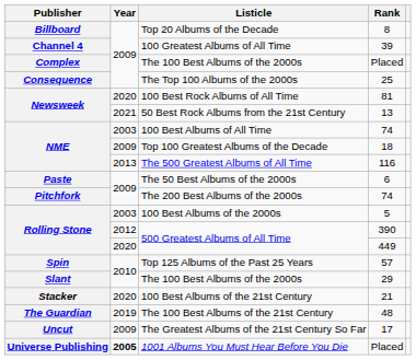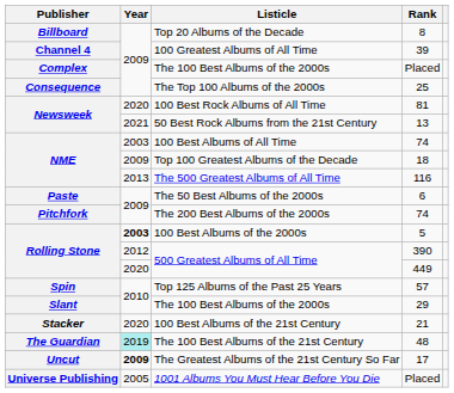 <table class="wikitable plainrowheaders sortable" style="text-align:center">
 <tr>
 <th scope="col">Publisher</th>
 <th scope="col">Year</th>
 <th scope="col">Listicle</th>
 <th scope="col">Rank</th>
 <th class="unsortable"></th>
 </tr>
 <tr>
 <th scope="row"><a href='#'><em>Billboard</em></a></th>
 <td rowspan="4">2009</td>
 <td style="text-align: left;">Top 20 Albums of the Decade</td>
 <td>8</td>
 <td style="text-align:center;"></td>
 </tr>
 <tr>
 <th scope="row"><a href='#'>Channel 4</a></th>
 <td style="text-align: left;">100 Greatest Albums of All Time</td>
 <td>39</td>
 <td style="text-align:center;"></td>
 </tr>
 <tr>
 <th scope="row"><a href='#'><em>Complex</em></a></th>
 <td style="text-align: left;">The 100 Best Albums of the 2000s</td>
 <td>Placed</td>
 <td style="text-align:center;"></td>
 </tr>
 <tr>
 <th scope="row"><a href='#'><em>Consequence</em></a></th>
 <td style="text-align: left;">The Top 100 Albums of the 2000s</td>
 <td>25</td>
 <td style="text-align:center;"></td>
 </tr>
 <tr>
 <th rowspan="2" ! scope="row"><em><a href='#'>Newsweek</a></em></th>
 <td>2020</td>
 <td style="text-align: left;">100 Best Rock Albums of All Time</td>
 <td>81</td>
 <td style="text-align:center;"></td>
 </tr>
 <tr>
 <td>2021</td>
 <td style="text-align: left;">50 Best Rock Albums from the 21st Century</td>
 <td>13</td>
 <td style="text-align:center;"></td>
 </tr>
 <tr>
 <th rowspan="3" ! scope="row"><em><a href='#'>NME</a></em></th>
 <td>2003</td>
 <td style="text-align: left;">100 Best Albums of All Time</td>
 <td>74</td>
 <td style="text-align:center;"></td>
 </tr>
 <tr>
 <td>2009</td>
 <td style="text-align: left;">Top 100 Greatest Albums of the Decade</td>
 <td>18</td>
 <td style="text-align:center;"></td>
 </tr>
 <tr>
 <td>2013</td>
 <td style="text-align: left;"><a href='#'>The 500 Greatest Albums of All Time</a></td>
 <td>116</td>
 <td style="text-align:center;"></td>
 </tr>
 <tr>
 <th scope="row"><a href='#'><em>Paste</em></a></th>
 <td rowspan="2">2009</td>
 <td style="text-align: left;">The 50 Best Albums of the 2000s</td>
 <td>6</td>
 <td style="text-align:center;"></td>
 </tr>
 <tr>
 <th scope="row"><a href='#'><em>Pitchfork</em></a></th>
 <td style="text-align: left;">The 200 Best Albums of the 2000s</td>
 <td>74</td>
 <td style="text-align:center;"></td>
 </tr>
 <tr>
 <th rowspan="3" scope="row"><em><a href='#'>Rolling Stone</a></em></th>
-<td>2003</td>
+<td><strong>2003</strong></td>
 <td style="text-align: left;">100 Best Albums of the 2000s</td>
 <td>5</td>
 <td style="text-align:center;"></td>
 </tr>
 <tr>
 <td>2012</td>
 <td rowspan="2" style="text-align: left;"><a href='#'>500 Greatest Albums of All Time</a></td>
 <td>390</td>
 <td style="text-align:center;"></td>
 </tr>
 <tr>
 <td>2020</td>
 <td>449</td>
 <td style="text-align:center;"></td>
 </tr>
 <tr>
 <th scope="row"><a href='#'><em>Spin</em></a></th>
 <td rowspan="2">2010</td>
 <td style="text-align: left;">Top 125 Albums of the Past 25 Years</td>
 <td>57</td>
 <td style="text-align:center;"></td>
 </tr>
 <tr>
 <th scope="row"><a href='#'><em>Slant</em></a></th>
 <td style="text-align: left;">The 100 Best Albums of the 2000s</td>
 <td>29</td>
 <td style="text-align:center;"></td>
 </tr>
 <tr>
 <th scope="row"><em>Stacker</em></th>
 <td>2020</td>
 <td style="text-align: left;">100 Best Albums of the 21st Century</td>
 <td>21</td>
 <td style="text-align:center;"></td>
 </tr>
 <tr>
 <th scope="row"><em><a href='#'>The Guardian</a></em></th>
-<td>2019</td>
+<td style="background: paleturquoise;">2019</td>
 <td style="text-align: left;">The 100 Best Albums of the 21st Century</td>
 <td>48</td>
 <td style="text-align:center;"></td>
 </tr>
 <tr>
 <th scope="row"><a href='#'><em>Uncut</em></a></th>
-<td>2009</td>
+<td><strong>2009</strong></td>
 <td style="text-align: left;">The Greatest Albums of the 21st Century So Far</td>
 <td>17</td>
 <td style="text-align:center;"></td>
 </tr>
 <tr>
 <th scope="row"><a href='#'>Universe Publishing</a></th>
-<td><strong>2005</strong></td>
+<td>2005</td>
 <td style="text-align: left;"><em><a href='#'>1001 Albums You Must Hear Before You Die</a></em></td>
 <td>Placed</td>
 <td style="text-align:center;"></td>
 </tr>
 </table>
